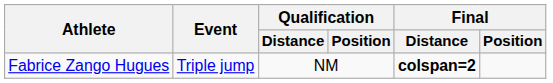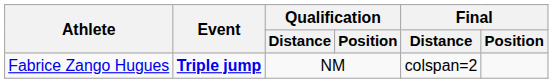 <table class=wikitable style="font-size:90%">
 <tr>
 <th rowspan="2">Athlete</th>
 <th rowspan="2">Event</th>
 <th colspan="2">Qualification</th>
 <th colspan="2">Final</th>
 </tr>
 <tr style="font-size:95%">
 <th>Distance</th>
 <th>Position</th>
 <th>Distance</th>
 <th>Position</th>
 </tr>
 <tr style=text-align:center>
 <td style=text-align:left><a href='#'>Fabrice Zango Hugues</a></td>
-<td style=text-align:left><a href='#'>Triple jump</a></td>
+<td style=text-align:left><strong><a href='#'>Triple jump</a></strong></td>
 <td colspan=2>NM</td>
-<td><strong>colspan=2 </strong></td>
+<td>colspan=2 </td>
 </tr>
 </table>
